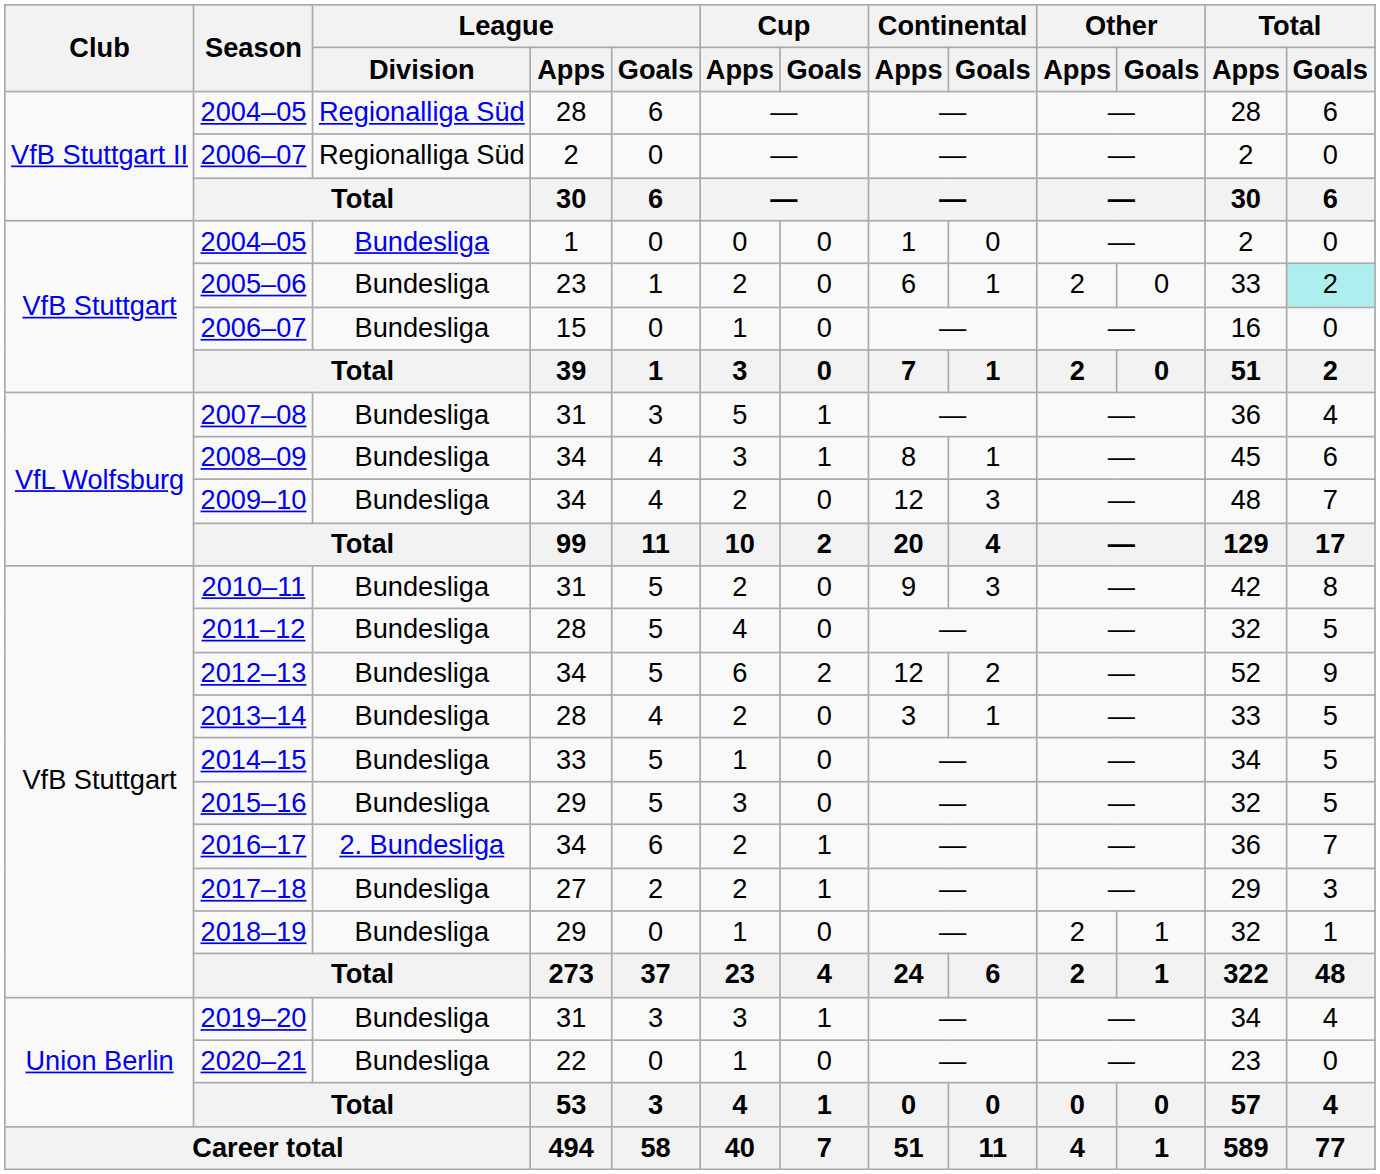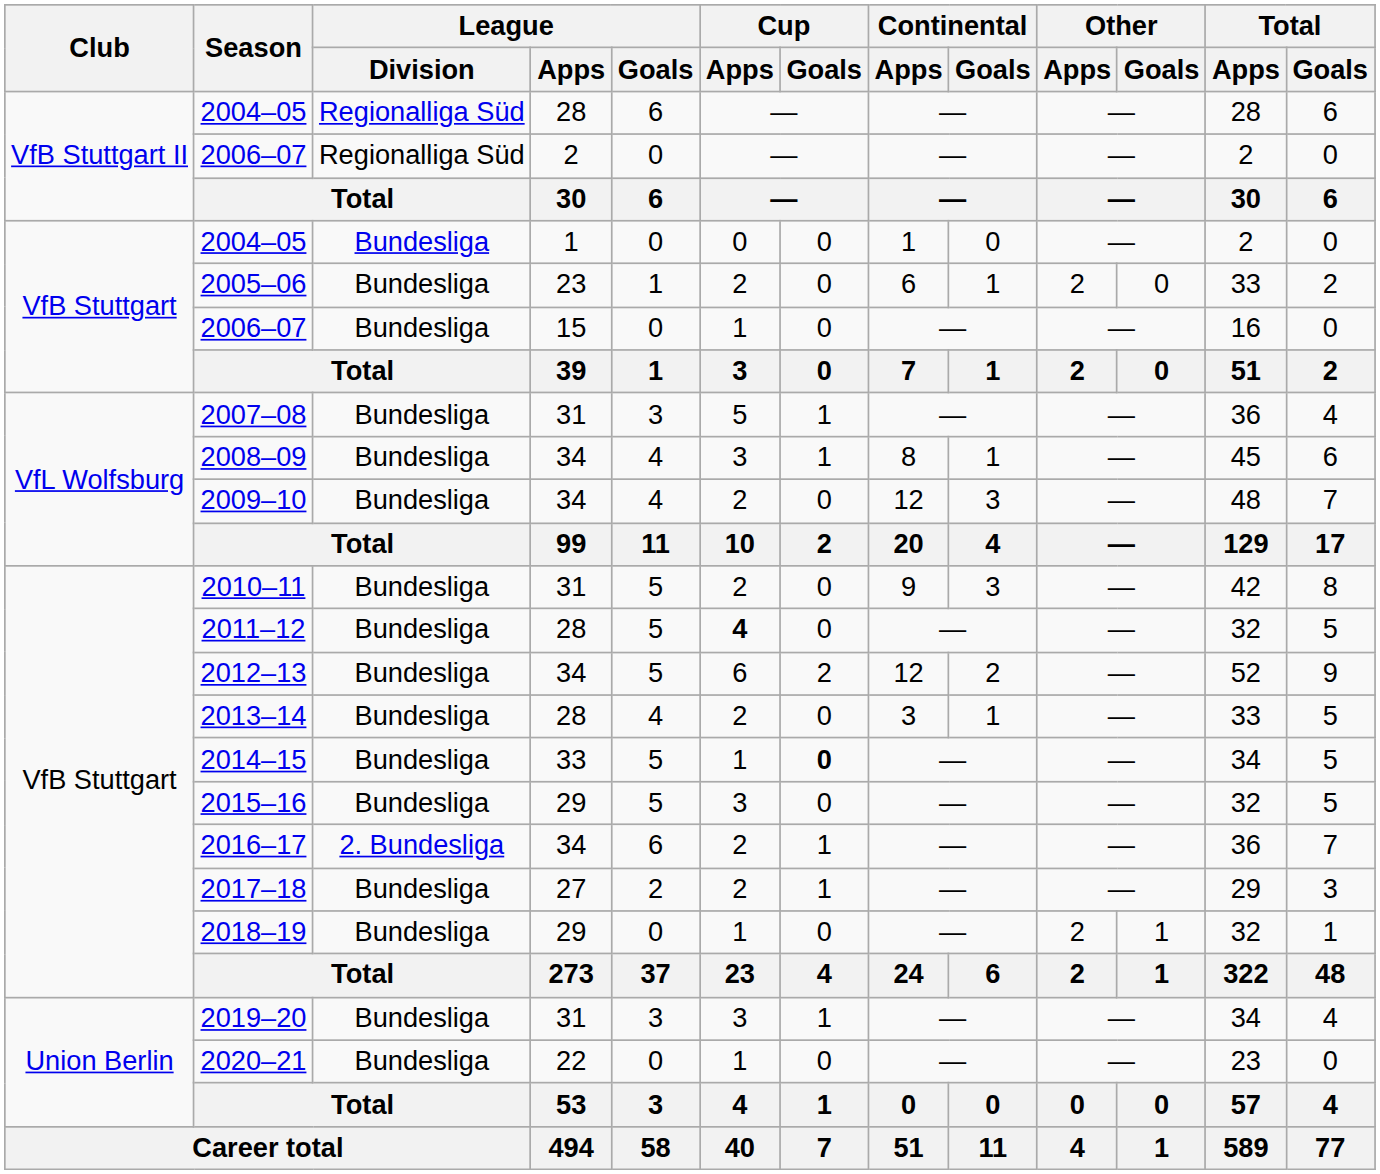 <table class="wikitable" style="text-align:center">
 <tr>
 <th rowspan="2">Club</th>
 <th rowspan="2">Season</th>
 <th colspan="3">League</th>
 <th colspan="2">Cup</th>
 <th colspan="2">Continental</th>
 <th colspan="2">Other</th>
 <th colspan="2">Total</th>
 </tr>
 <tr>
 <th>Division</th>
 <th>Apps</th>
 <th>Goals</th>
 <th>Apps</th>
 <th>Goals</th>
 <th>Apps</th>
 <th>Goals</th>
 <th>Apps</th>
 <th>Goals</th>
 <th>Apps</th>
 <th>Goals</th>
 </tr>
 <tr>
 <td rowspan="3"><a href='#'>VfB Stuttgart II</a></td>
 <td><a href='#'>2004–05</a></td>
 <td><a href='#'>Regionalliga Süd</a></td>
 <td>28</td>
 <td>6</td>
 <td colspan="2">—</td>
 <td colspan="2">—</td>
 <td colspan="2">—</td>
 <td>28</td>
 <td>6</td>
 </tr>
 <tr>
 <td><a href='#'>2006–07</a></td>
 <td>Regionalliga Süd</td>
 <td>2</td>
 <td>0</td>
 <td colspan="2">—</td>
 <td colspan="2">—</td>
 <td colspan="2">—</td>
 <td>2</td>
 <td>0</td>
 </tr>
 <tr>
 <th colspan="2">Total</th>
 <th>30</th>
 <th>6</th>
 <th colspan="2">—</th>
 <th colspan="2">—</th>
 <th colspan="2">—</th>
 <th>30</th>
 <th>6</th>
 </tr>
 <tr>
 <td rowspan="4"><a href='#'>VfB Stuttgart</a></td>
 <td><a href='#'>2004–05</a></td>
 <td><a href='#'>Bundesliga</a></td>
 <td>1</td>
 <td>0</td>
 <td>0</td>
 <td>0</td>
 <td>1</td>
 <td>0</td>
 <td colspan="2">—</td>
 <td>2</td>
 <td>0</td>
 </tr>
 <tr>
 <td><a href='#'>2005–06</a></td>
 <td>Bundesliga</td>
 <td>23</td>
 <td>1</td>
 <td>2</td>
 <td>0</td>
 <td>6</td>
 <td>1</td>
 <td>2</td>
 <td>0</td>
 <td>33</td>
-<td style="background: paleturquoise;">2</td>
+<td>2</td>
 </tr>
 <tr>
 <td><a href='#'>2006–07</a></td>
 <td>Bundesliga</td>
 <td>15</td>
 <td>0</td>
 <td>1</td>
 <td>0</td>
 <td colspan="2">—</td>
 <td colspan="2">—</td>
 <td>16</td>
 <td>0</td>
 </tr>
 <tr>
 <th colspan="2">Total</th>
 <th>39</th>
 <th>1</th>
 <th>3</th>
 <th>0</th>
 <th>7</th>
 <th>1</th>
 <th>2</th>
 <th>0</th>
 <th>51</th>
 <th>2</th>
 </tr>
 <tr>
 <td rowspan="4"><a href='#'>VfL Wolfsburg</a></td>
 <td><a href='#'>2007–08</a></td>
 <td>Bundesliga</td>
 <td>31</td>
 <td>3</td>
 <td>5</td>
 <td>1</td>
 <td colspan="2">—</td>
 <td colspan="2">—</td>
 <td>36</td>
 <td>4</td>
 </tr>
 <tr>
 <td><a href='#'>2008–09</a></td>
 <td>Bundesliga</td>
 <td>34</td>
 <td>4</td>
 <td>3</td>
 <td>1</td>
 <td>8</td>
 <td>1</td>
 <td colspan="2">—</td>
 <td>45</td>
 <td>6</td>
 </tr>
 <tr>
 <td><a href='#'>2009–10</a></td>
 <td>Bundesliga</td>
 <td>34</td>
 <td>4</td>
 <td>2</td>
 <td>0</td>
 <td>12</td>
 <td>3</td>
 <td colspan="2">—</td>
 <td>48</td>
 <td>7</td>
 </tr>
 <tr>
 <th colspan="2">Total</th>
 <th>99</th>
 <th>11</th>
 <th>10</th>
 <th>2</th>
 <th>20</th>
 <th>4</th>
 <th colspan="2">—</th>
 <th>129</th>
 <th>17</th>
 </tr>
 <tr>
 <td rowspan="10">VfB Stuttgart</td>
 <td><a href='#'>2010–11</a></td>
 <td>Bundesliga</td>
 <td>31</td>
 <td>5</td>
 <td>2</td>
 <td>0</td>
 <td>9</td>
 <td>3</td>
 <td colspan="2">—</td>
 <td>42</td>
 <td>8</td>
 </tr>
 <tr>
 <td><a href='#'>2011–12</a></td>
 <td>Bundesliga</td>
 <td>28</td>
 <td>5</td>
-<td>4</td>
+<td><strong>4</strong></td>
 <td>0</td>
 <td colspan="2">—</td>
 <td colspan="2">—</td>
 <td>32</td>
 <td>5</td>
 </tr>
 <tr>
 <td><a href='#'>2012–13</a></td>
 <td>Bundesliga</td>
 <td>34</td>
 <td>5</td>
 <td>6</td>
 <td>2</td>
 <td>12</td>
 <td>2</td>
 <td colspan="2">—</td>
 <td>52</td>
 <td>9</td>
 </tr>
 <tr>
 <td><a href='#'>2013–14</a></td>
 <td>Bundesliga</td>
 <td>28</td>
 <td>4</td>
 <td>2</td>
 <td>0</td>
 <td>3</td>
 <td>1</td>
 <td colspan="2">—</td>
 <td>33</td>
 <td>5</td>
 </tr>
 <tr>
 <td><a href='#'>2014–15</a></td>
 <td>Bundesliga</td>
 <td>33</td>
 <td>5</td>
 <td>1</td>
-<td>0</td>
+<td><strong>0</strong></td>
 <td colspan="2">—</td>
 <td colspan="2">—</td>
 <td>34</td>
 <td>5</td>
 </tr>
 <tr>
 <td><a href='#'>2015–16</a></td>
 <td>Bundesliga</td>
 <td>29</td>
 <td>5</td>
 <td>3</td>
 <td>0</td>
 <td colspan="2">—</td>
 <td colspan="2">—</td>
 <td>32</td>
 <td>5</td>
 </tr>
 <tr>
 <td><a href='#'>2016–17</a></td>
 <td><a href='#'>2. Bundesliga</a></td>
 <td>34</td>
 <td>6</td>
 <td>2</td>
 <td>1</td>
 <td colspan="2">—</td>
 <td colspan="2">—</td>
 <td>36</td>
 <td>7</td>
 </tr>
 <tr>
 <td><a href='#'>2017–18</a></td>
 <td>Bundesliga</td>
 <td>27</td>
 <td>2</td>
 <td>2</td>
 <td>1</td>
 <td colspan="2">—</td>
 <td colspan="2">—</td>
 <td>29</td>
 <td>3</td>
 </tr>
 <tr>
 <td><a href='#'>2018–19</a></td>
 <td>Bundesliga</td>
 <td>29</td>
 <td>0</td>
 <td>1</td>
 <td>0</td>
 <td colspan="2">—</td>
 <td>2</td>
 <td>1</td>
 <td>32</td>
 <td>1</td>
 </tr>
 <tr>
 <th colspan="2">Total</th>
 <th>273</th>
 <th>37</th>
 <th>23</th>
 <th>4</th>
 <th>24</th>
 <th>6</th>
 <th>2</th>
 <th>1</th>
 <th>322</th>
 <th>48</th>
 </tr>
 <tr>
 <td rowspan="3"><a href='#'>Union Berlin</a></td>
 <td><a href='#'>2019–20</a></td>
 <td>Bundesliga</td>
 <td>31</td>
 <td>3</td>
 <td>3</td>
 <td>1</td>
 <td colspan="2">—</td>
 <td colspan="2">—</td>
 <td>34</td>
 <td>4</td>
 </tr>
 <tr>
 <td><a href='#'>2020–21</a></td>
 <td>Bundesliga</td>
 <td>22</td>
 <td>0</td>
 <td>1</td>
 <td>0</td>
 <td colspan="2">—</td>
 <td colspan="2">—</td>
 <td>23</td>
 <td>0</td>
 </tr>
 <tr>
 <th colspan="2">Total</th>
 <th>53</th>
 <th>3</th>
 <th>4</th>
 <th>1</th>
 <th>0</th>
 <th>0</th>
 <th>0</th>
 <th>0</th>
 <th>57</th>
 <th>4</th>
 </tr>
 <tr>
 <th colspan="3">Career total</th>
 <th>494</th>
 <th>58</th>
 <th>40</th>
 <th>7</th>
 <th>51</th>
 <th>11</th>
 <th>4</th>
 <th>1</th>
 <th>589</th>
 <th>77</th>
 </tr>
 </table>
